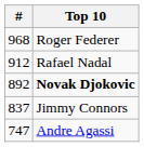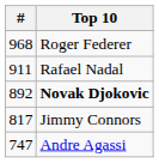 <table class="wikitable" style="display:inline-table;">
 <tr>
 <th>#</th>
 <th>Top 10</th>
 </tr>
 <tr>
 <td>968</td>
 <td> Roger Federer</td>
 </tr>
 <tr>
-<td>912</td>
+<td>911</td>
 <td> Rafael Nadal</td>
 </tr>
 <tr>
 <td>892</td>
 <td> <strong>Novak Djokovic</strong></td>
 </tr>
 <tr>
-<td>837</td>
+<td>817</td>
 <td> Jimmy Connors</td>
 </tr>
 <tr>
 <td>747</td>
 <td> <a href='#'>Andre Agassi</a></td>
 </tr>
 </table>
